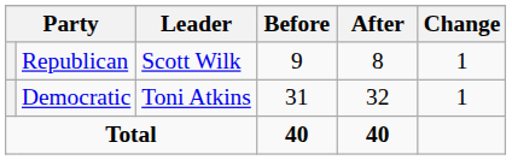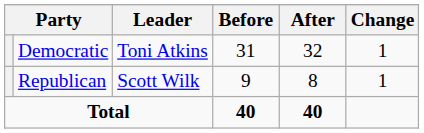 <table class="wikitable" style="text-align:center;">
 <tr>
 </tr>
 <tr>
 <th colspan=2>Party</th>
 <th>Leader</th>
 <th style="width:3em">Before</th>
 <th style="width:3em">After</th>
 <th style="width:3em">Change</th>
 </tr>
 <tr>
 <th style="background-color:"></th>
+<td style="text-align:left;"><a href='#'>Democratic</a></td>
+<td style="text-align:left;"><a href='#'>Toni Atkins</a></td>
+<td>31</td>
+<td>32</td>
+<td>1</td>
+</tr>
+<tr>
+<th style="background-color:"></th>
 <td style="text-align:left;"><a href='#'>Republican</a></td>
 <td style="text-align:left;"><a href='#'>Scott Wilk</a></td>
 <td>9</td>
 <td>8</td>
-<td>1</td>
-</tr>
-<tr>
-<th style="background-color:"></th>
-<td style="text-align:left;"><a href='#'>Democratic</a></td>
-<td style="text-align:left;"><a href='#'>Toni Atkins</a></td>
-<td>31</td>
-<td>32</td>
 <td>1</td>
 </tr>
 <tr>
 <td colspan=3><strong>Total</strong></td>
 <td><strong>40</strong></td>
 <td><strong>40</strong></td>
 <td></td>
 </tr>
 </table>
